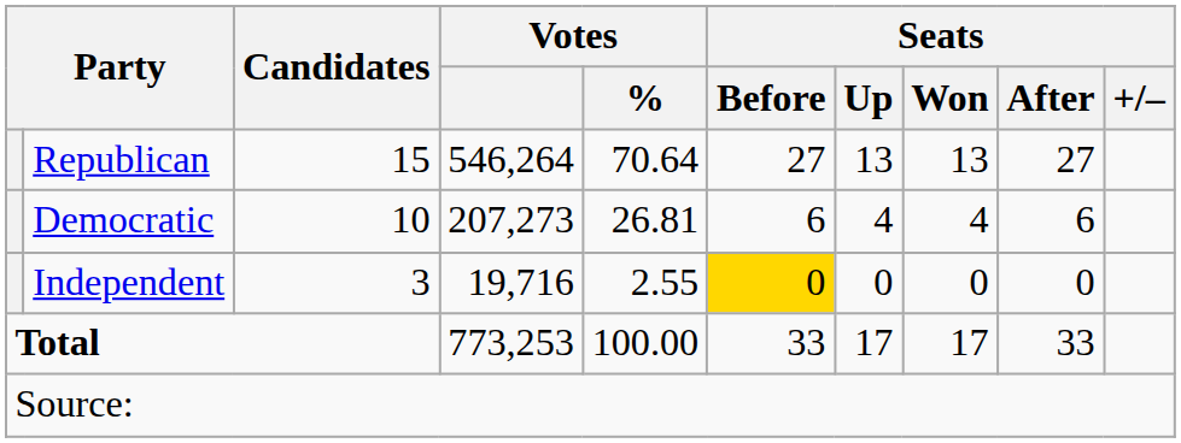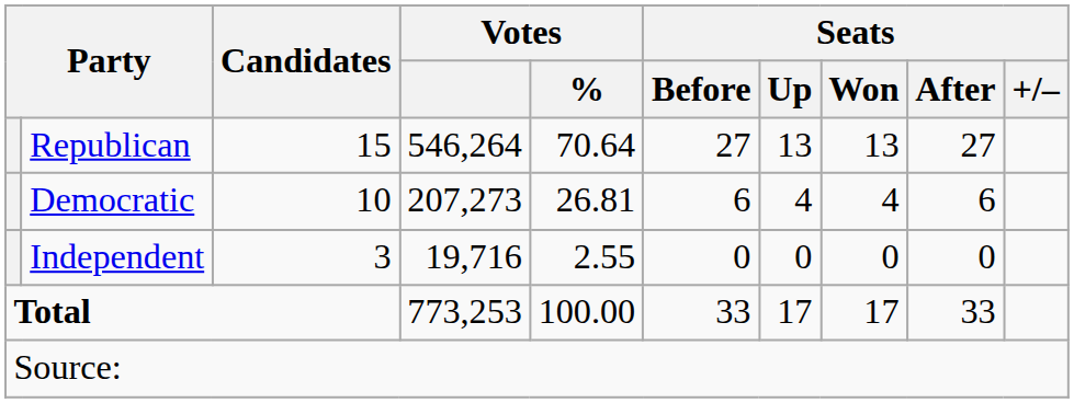 <table class="wikitable">
 <tr>
 <th colspan="2" rowspan="2">Party</th>
 <th rowspan="2">Candidates</th>
 <th colspan="2">Votes</th>
 <th colspan="5">Seats</th>
 </tr>
 <tr>
 <th></th>
 <th>%</th>
 <th>Before</th>
 <th>Up</th>
 <th>Won</th>
 <th>After</th>
 <th>+/–</th>
 </tr>
 <tr>
 <th style="background-color:"></th>
 <td><a href='#'>Republican</a></td>
 <td align="right">15</td>
 <td align="right">546,264</td>
 <td align="right">70.64</td>
 <td align="right">27</td>
 <td align="right">13</td>
 <td align="right">13</td>
 <td align="right">27</td>
 <td align="right"></td>
 </tr>
 <tr>
 <th style="background-color:"></th>
 <td><a href='#'>Democratic</a></td>
 <td align="right">10</td>
 <td align="right">207,273</td>
 <td align="right">26.81</td>
 <td align="right">6</td>
 <td align="right">4</td>
 <td align="right">4</td>
 <td align="right">6</td>
 <td align="right"></td>
 </tr>
 <tr>
 <th style="background-color:"></th>
 <td><a href='#'>Independent</a></td>
 <td align="right">3</td>
 <td align="right">19,716</td>
 <td align="right">2.55</td>
-<td align="right" style="background: gold;">0</td>
+<td align="right">0</td>
 <td align="right">0</td>
 <td align="right">0</td>
 <td align="right">0</td>
 <td align="right"></td>
 </tr>
 <tr>
 <td colspan="3" align="left"><strong>Total</strong></td>
 <td align="right">773,253</td>
 <td align="right">100.00</td>
 <td align="right">33</td>
 <td align="right">17</td>
 <td align="right">17</td>
 <td align="right">33</td>
 <td align="right"></td>
 </tr>
 <tr>
 <td colspan="10">Source: </td>
 </tr>
 </table>
